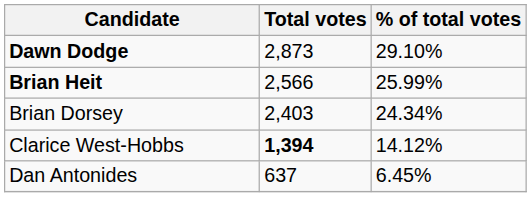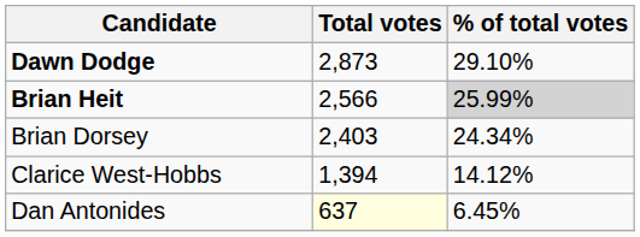 <table class="wikitable">
 <tr>
 <th bgcolor="#DDDDFF" width="200px">Candidate</th>
 <th bgcolor="#DDDDFF">Total votes</th>
 <th bgcolor="#DDDDFF">% of total votes</th>
 </tr>
 <tr>
 <td><strong>Dawn Dodge</strong></td>
 <td>2,873</td>
 <td>29.10%</td>
 </tr>
 <tr>
 <td><strong>Brian Heit</strong></td>
 <td>2,566</td>
-<td>25.99%</td>
+<td style="background: lightgrey;">25.99%</td>
 </tr>
 <tr>
 <td>Brian Dorsey</td>
 <td>2,403</td>
 <td>24.34%</td>
 </tr>
 <tr>
 <td>Clarice West-Hobbs</td>
-<td><strong>1,394</strong></td>
+<td>1,394</td>
 <td>14.12%</td>
 </tr>
 <tr>
 <td>Dan Antonides</td>
-<td>637</td>
+<td style="background: lightyellow;">637</td>
 <td>6.45%</td>
 </tr>
 <tr>
 </tr>
 </table>
